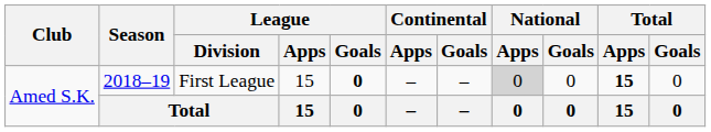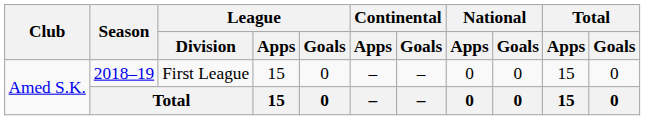 <table class="wikitable" style="text-align: center;">
 <tr>
 <th rowspan=2>Club</th>
 <th rowspan=2>Season</th>
 <th colspan=3>League</th>
 <th colspan=2>Continental</th>
 <th colspan=2>National</th>
 <th colspan=2>Total</th>
 </tr>
 <tr>
 <th>Division</th>
 <th>Apps</th>
 <th>Goals</th>
 <th>Apps</th>
 <th>Goals</th>
 <th>Apps</th>
 <th>Goals</th>
 <th>Apps</th>
 <th>Goals</th>
 </tr>
 <tr>
 <td rowspan=2><a href='#'>Amed S.K.</a></td>
 <td><a href='#'>2018–19</a></td>
 <td>First League</td>
 <td>15</td>
-<td><strong>0</strong></td>
+<td>0</td>
 <td>–</td>
 <td>–</td>
-<td style="background: lightgrey;">0</td>
 <td>0</td>
-<td><strong>15</strong></td>
+<td>0</td>
+<td>15</td>
 <td>0</td>
 </tr>
 <tr>
 <th colspan=2>Total</th>
 <th>15</th>
 <th>0</th>
 <th>–</th>
 <th>–</th>
 <th>0</th>
 <th>0</th>
 <th>15</th>
 <th>0</th>
 </tr>
 </table>
